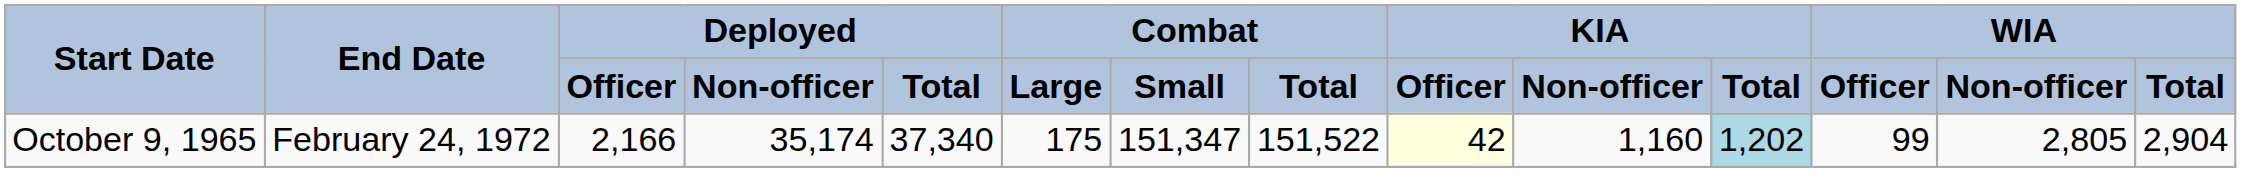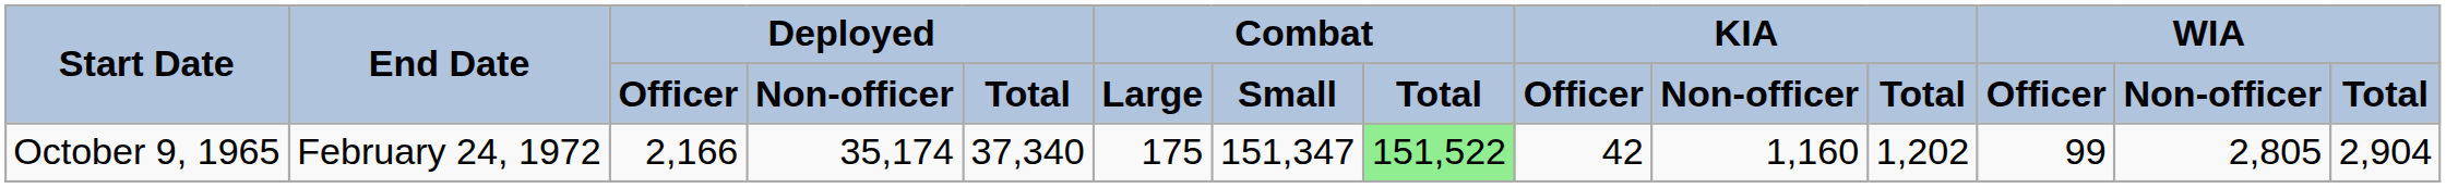 <table class="wikitable" style="margin:auto;">
 <tr>
 <th rowspan="2" style="background:#B0C4DE">Start Date</th>
 <th rowspan="2" style="background:#B0C4DE">End Date</th>
 <th colspan="3" style="background:#B0C4DE">Deployed</th>
 <th colspan="3" style="background:#B0C4DE">Combat</th>
 <th colspan="3" style="background:#B0C4DE">KIA</th>
 <th colspan="3" style="background:#B0C4DE">WIA</th>
 </tr>
 <tr>
 <th style="background:#B0C4DE">Officer</th>
 <th style="background:#B0C4DE">Non-officer</th>
 <th style="background:#B0C4DE">Total</th>
 <th style="background:#B0C4DE">Large</th>
 <th style="background:#B0C4DE">Small</th>
 <th style="background:#B0C4DE">Total</th>
 <th style="background:#B0C4DE">Officer</th>
 <th style="background:#B0C4DE">Non-officer</th>
 <th style="background:#B0C4DE">Total</th>
 <th style="background:#B0C4DE">Officer</th>
 <th style="background:#B0C4DE">Non-officer</th>
 <th style="background:#B0C4DE">Total</th>
 </tr>
 <tr>
 <td>October 9, 1965</td>
 <td>February 24, 1972</td>
 <td style="text-align:right;">2,166</td>
 <td style="text-align:right;">35,174</td>
 <td style="text-align:right;">37,340</td>
 <td style="text-align:right;">175</td>
 <td style="text-align:right;">151,347</td>
-<td style="text-align:right;">151,522</td>
-<td style="background: lightyellow; text-align:right;">42</td>
+<td style="background: lightgreen; text-align:right;">151,522</td>
+<td style="text-align:right;">42</td>
 <td style="text-align:right;">1,160</td>
-<td style="background: lightblue; text-align:right;">1,202</td>
+<td style="text-align:right;">1,202</td>
 <td style="text-align:right;">99</td>
 <td style="text-align:right;">2,805</td>
 <td style="text-align:right;">2,904</td>
 </tr>
 </table>
